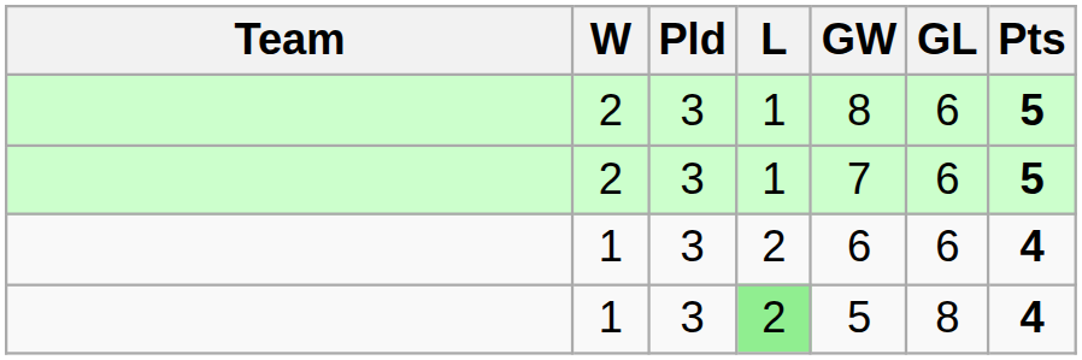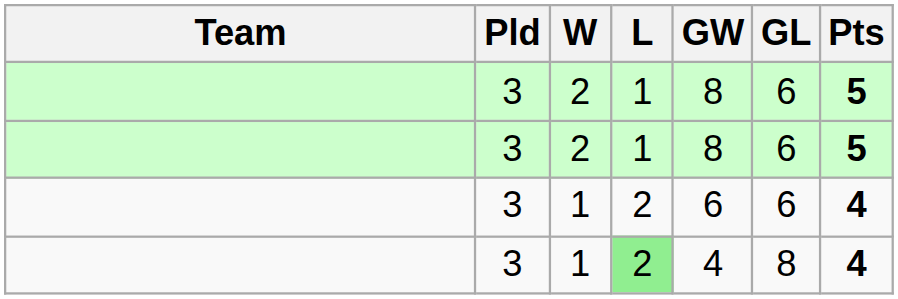 <table class="wikitable" style="text-align:center">
 <tr>
 <th width=200>Team</th>
+<th width=20>Pld</th>
 <th width=20>W</th>
-<th width=20>Pld</th>
 <th width=20>L</th>
 <th width=20>GW</th>
 <th width=20>GL</th>
 <th width=20>Pts</th>
 </tr>
 <tr bgcolor=ccffcc>
 <td style="text-align:left;"></td>
+<td>3</td>
 <td>2</td>
-<td>3</td>
 <td>1</td>
 <td>8</td>
 <td>6</td>
 <td><strong>5</strong></td>
 </tr>
 <tr bgcolor=ccffcc>
 <td style="text-align:left;"></td>
+<td>3</td>
 <td>2</td>
-<td>3</td>
 <td>1</td>
-<td>7</td>
+<td>8</td>
 <td>6</td>
 <td><strong>5</strong></td>
 </tr>
 <tr>
 <td style="text-align:left;"></td>
+<td>3</td>
 <td>1</td>
-<td>3</td>
 <td>2</td>
 <td>6</td>
 <td>6</td>
 <td><strong>4</strong></td>
 </tr>
 <tr>
 <td style="text-align:left;"></td>
+<td>3</td>
 <td>1</td>
-<td>3</td>
 <td style="background: lightgreen;">2</td>
-<td>5</td>
+<td>4</td>
 <td>8</td>
 <td><strong>4</strong></td>
 </tr>
 </table>
